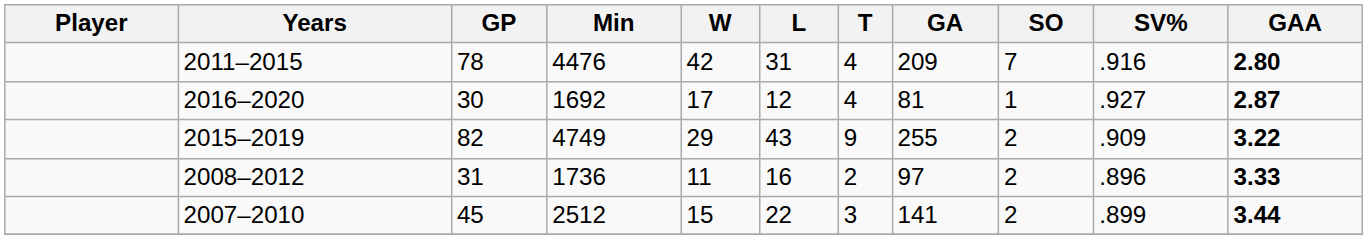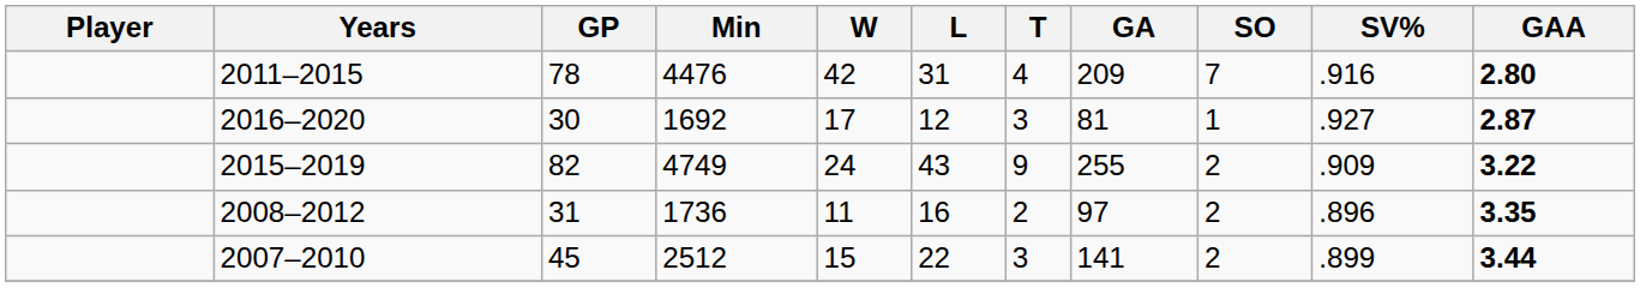 <table class="wikitable sortable" width = 900>
 <tr>
 <th>Player</th>
 <th>Years</th>
 <th>GP</th>
 <th>Min</th>
 <th>W</th>
 <th>L</th>
 <th>T</th>
 <th>GA</th>
 <th>SO</th>
 <th>SV%</th>
 <th>GAA</th>
 </tr>
 <tr>
 <td></td>
 <td>2011–2015</td>
 <td>78</td>
 <td>4476</td>
 <td>42</td>
 <td>31</td>
 <td>4</td>
 <td>209</td>
 <td>7</td>
 <td>.916</td>
 <td><strong>2.80</strong></td>
 </tr>
 <tr>
 <td></td>
 <td>2016–2020</td>
 <td>30</td>
 <td>1692</td>
 <td>17</td>
 <td>12</td>
-<td>4</td>
+<td>3</td>
 <td>81</td>
 <td>1</td>
 <td>.927</td>
 <td><strong>2.87</strong></td>
 </tr>
 <tr>
 <td></td>
 <td>2015–2019</td>
 <td>82</td>
 <td>4749</td>
-<td>29</td>
+<td>24</td>
 <td>43</td>
 <td>9</td>
 <td>255</td>
 <td>2</td>
 <td>.909</td>
 <td><strong>3.22</strong></td>
 </tr>
 <tr>
 <td></td>
 <td>2008–2012</td>
 <td>31</td>
 <td>1736</td>
 <td>11</td>
 <td>16</td>
 <td>2</td>
 <td>97</td>
 <td>2</td>
 <td>.896</td>
-<td><strong>3.33</strong></td>
+<td><strong>3.35</strong></td>
 </tr>
 <tr>
 <td></td>
 <td>2007–2010</td>
 <td>45</td>
 <td>2512</td>
 <td>15</td>
 <td>22</td>
 <td>3</td>
 <td>141</td>
 <td>2</td>
 <td>.899</td>
 <td><strong>3.44</strong></td>
 </tr>
 <tr>
 </tr>
 </table>
